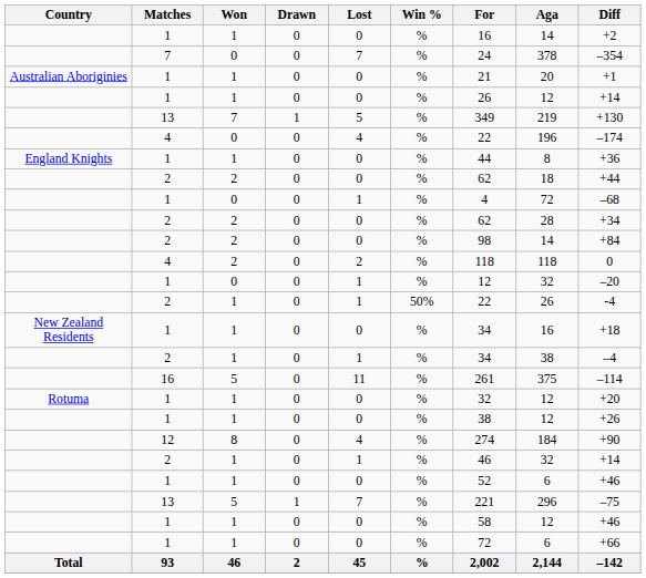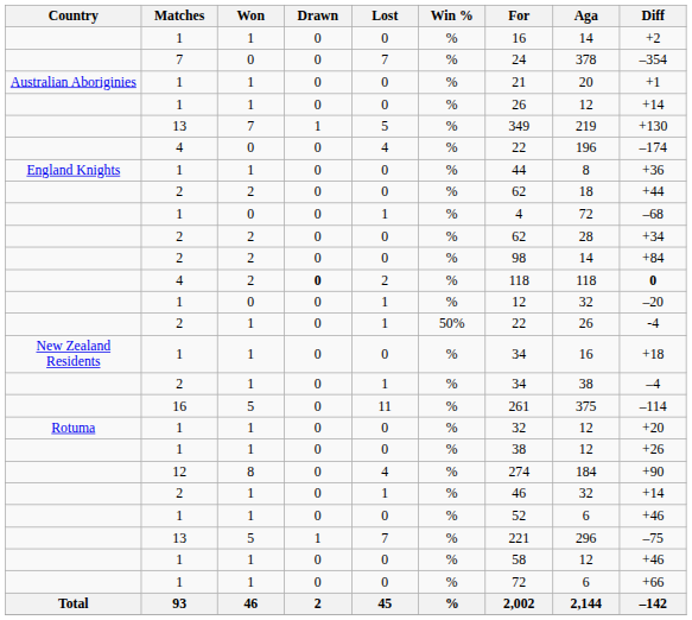 <table class="wikitable sortable" style="text-align:center">
 <tr>
 <th style="width:150px;">Country</th>
 <th width="80">Matches</th>
 <th width="70">Won</th>
 <th width="70">Drawn</th>
 <th width="70">Lost</th>
 <th width="70">Win %</th>
 <th width="70">For</th>
 <th width="70">Aga</th>
 <th width="70">Diff</th>
 </tr>
 <tr>
 <td></td>
 <td>1</td>
 <td>1</td>
 <td>0</td>
 <td>0</td>
 <td>%</td>
 <td>16</td>
 <td>14</td>
 <td>+2</td>
 </tr>
 <tr>
 <td></td>
 <td>7</td>
 <td>0</td>
 <td>0</td>
 <td>7</td>
 <td>%</td>
 <td>24</td>
 <td>378</td>
 <td>–354</td>
 </tr>
 <tr>
 <td> <a href='#'>Australian Aboriginies</a></td>
 <td>1</td>
 <td>1</td>
 <td>0</td>
 <td>0</td>
 <td>%</td>
 <td>21</td>
 <td>20</td>
 <td>+1</td>
 </tr>
 <tr>
 <td></td>
 <td>1</td>
 <td>1</td>
 <td>0</td>
 <td>0</td>
 <td>%</td>
 <td>26</td>
 <td>12</td>
 <td>+14</td>
 </tr>
 <tr>
 <td></td>
 <td>13</td>
 <td>7</td>
 <td>1</td>
 <td>5</td>
 <td>%</td>
 <td>349</td>
 <td>219</td>
 <td>+130</td>
 </tr>
 <tr>
 <td></td>
 <td>4</td>
 <td>0</td>
 <td>0</td>
 <td>4</td>
 <td>%</td>
 <td>22</td>
 <td>196</td>
 <td>–174</td>
 </tr>
 <tr>
 <td> <a href='#'>England Knights</a></td>
 <td>1</td>
 <td>1</td>
 <td>0</td>
 <td>0</td>
 <td>%</td>
 <td>44</td>
 <td>8</td>
 <td>+36</td>
 </tr>
 <tr>
 <td></td>
 <td>2</td>
 <td>2</td>
 <td>0</td>
 <td>0</td>
 <td>%</td>
 <td>62</td>
 <td>18</td>
 <td>+44</td>
 </tr>
 <tr>
 <td></td>
 <td>1</td>
 <td>0</td>
 <td>0</td>
 <td>1</td>
 <td>%</td>
 <td>4</td>
 <td>72</td>
 <td>–68</td>
 </tr>
 <tr>
 <td></td>
 <td>2</td>
 <td>2</td>
 <td>0</td>
 <td>0</td>
 <td>%</td>
 <td>62</td>
 <td>28</td>
 <td>+34</td>
 </tr>
 <tr>
 <td></td>
 <td>2</td>
 <td>2</td>
 <td>0</td>
 <td>0</td>
 <td>%</td>
 <td>98</td>
 <td>14</td>
 <td>+84</td>
 </tr>
 <tr>
 <td></td>
 <td>4</td>
 <td>2</td>
-<td>0</td>
+<td><strong>0</strong></td>
 <td>2</td>
 <td>%</td>
 <td>118</td>
 <td>118</td>
-<td>0</td>
+<td><strong>0</strong></td>
 </tr>
 <tr>
 <td></td>
 <td>1</td>
 <td>0</td>
 <td>0</td>
 <td>1</td>
 <td>%</td>
 <td>12</td>
 <td>32</td>
 <td>–20</td>
 </tr>
 <tr>
 <td></td>
 <td>2</td>
 <td>1</td>
 <td>0</td>
 <td>1</td>
 <td>50%</td>
 <td>22</td>
 <td>26</td>
 <td>-4</td>
 </tr>
 <tr>
 <td> <a href='#'>New Zealand Residents</a></td>
 <td>1</td>
 <td>1</td>
 <td>0</td>
 <td>0</td>
 <td>%</td>
 <td>34</td>
 <td>16</td>
 <td>+18</td>
 </tr>
 <tr>
 <td></td>
 <td>2</td>
 <td>1</td>
 <td>0</td>
 <td>1</td>
 <td>%</td>
 <td>34</td>
 <td>38</td>
 <td>–4</td>
 </tr>
 <tr>
 <td></td>
 <td>16</td>
 <td>5</td>
 <td>0</td>
 <td>11</td>
 <td>%</td>
 <td>261</td>
 <td>375</td>
 <td>–114</td>
 </tr>
 <tr>
 <td> <a href='#'>Rotuma</a></td>
 <td>1</td>
 <td>1</td>
 <td>0</td>
 <td>0</td>
 <td>%</td>
 <td>32</td>
 <td>12</td>
 <td>+20</td>
 </tr>
 <tr>
 <td></td>
 <td>1</td>
 <td>1</td>
 <td>0</td>
 <td>0</td>
 <td>%</td>
 <td>38</td>
 <td>12</td>
 <td>+26</td>
 </tr>
 <tr>
 <td></td>
 <td>12</td>
 <td>8</td>
 <td>0</td>
 <td>4</td>
 <td>%</td>
 <td>274</td>
 <td>184</td>
 <td>+90</td>
 </tr>
 <tr>
 <td></td>
 <td>2</td>
 <td>1</td>
 <td>0</td>
 <td>1</td>
 <td>%</td>
 <td>46</td>
 <td>32</td>
 <td>+14</td>
 </tr>
 <tr>
 <td></td>
 <td>1</td>
 <td>1</td>
 <td>0</td>
 <td>0</td>
 <td>%</td>
 <td>52</td>
 <td>6</td>
 <td>+46</td>
 </tr>
 <tr>
 <td></td>
 <td>13</td>
 <td>5</td>
 <td>1</td>
 <td>7</td>
 <td>%</td>
 <td>221</td>
 <td>296</td>
 <td>–75</td>
 </tr>
 <tr>
 <td></td>
 <td>1</td>
 <td>1</td>
 <td>0</td>
 <td>0</td>
 <td>%</td>
 <td>58</td>
 <td>12</td>
 <td>+46</td>
 </tr>
 <tr>
 <td></td>
 <td>1</td>
 <td>1</td>
 <td>0</td>
 <td>0</td>
 <td>%</td>
 <td>72</td>
 <td>6</td>
 <td>+66</td>
 </tr>
 <tr>
 <th>Total</th>
 <th>93</th>
 <th>46</th>
 <th>2</th>
 <th>45</th>
 <th>%</th>
 <th>2,002</th>
 <th>2,144</th>
 <th>–142</th>
 </tr>
 <tr>
 </tr>
 </table>
